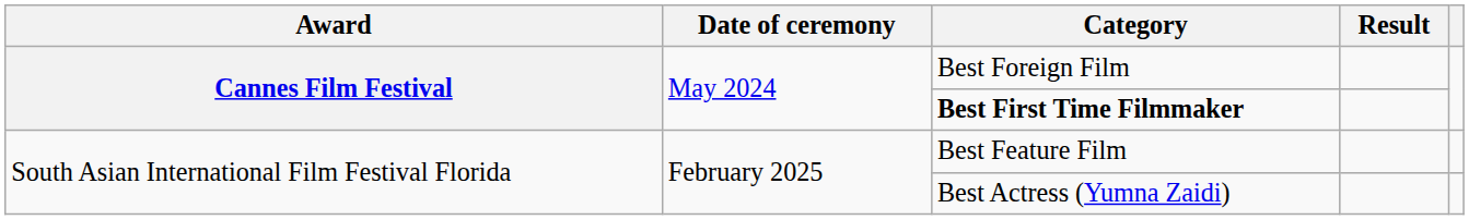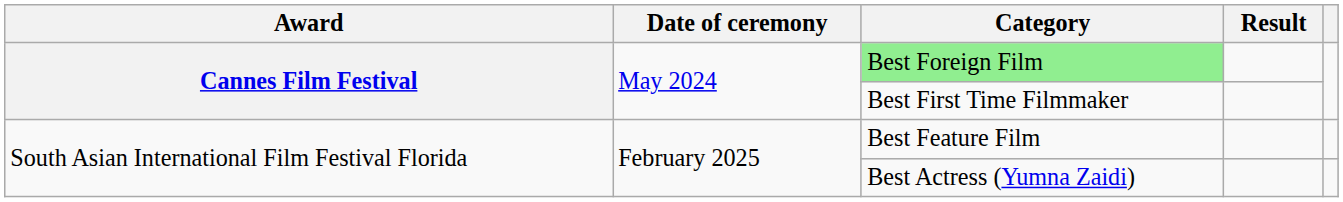 <table class="wikitable sortable plainrowheaders" style="width: 100%;">
 <tr>
 <th scope="col">Award</th>
 <th scope="col">Date of ceremony</th>
 <th scope="col">Category</th>
 <th scope="col">Result</th>
 <th scope="col" class="unsortable"></th>
 </tr>
 <tr>
 <th scope="row" rowspan=2><a href='#'>Cannes Film Festival</a></th>
 <td rowspan=2><a href='#'>May 2024</a></td>
-<td>Best Foreign Film</td>
+<td style="background: lightgreen;">Best Foreign Film</td>
 <td></td>
 <td style="text-align: center;" rowspan=2></td>
 </tr>
 <tr>
-<td><strong>Best First Time Filmmaker</strong></td>
+<td>Best First Time Filmmaker</td>
 <td></td>
 </tr>
 <tr>
 <td rowspan="2">South Asian International Film Festival Florida</td>
 <td rowspan="2">February 2025</td>
 <td>Best Feature Film</td>
 <td></td>
 <td></td>
 </tr>
 <tr>
 <td>Best Actress (<a href='#'>Yumna Zaidi</a>)</td>
 <td></td>
 </tr>
 </table>
